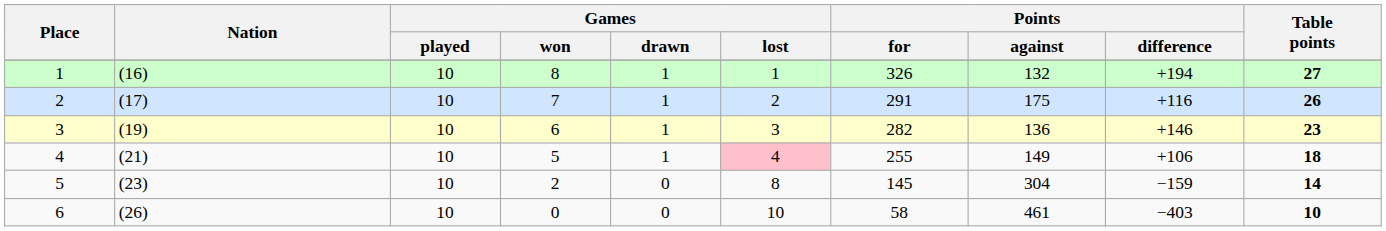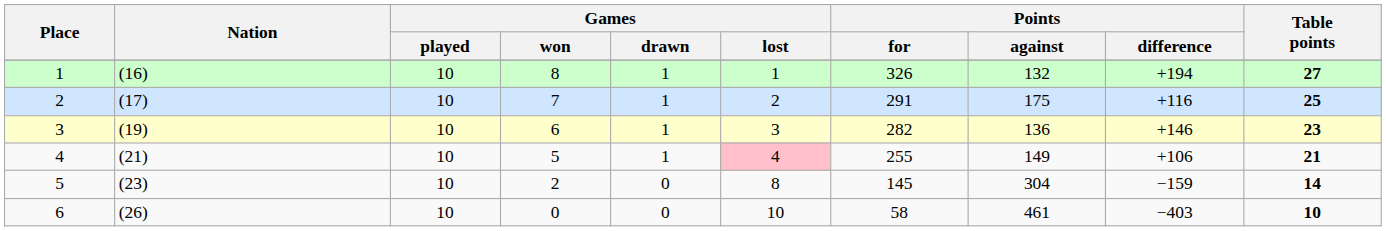 <table class="wikitable" width="100%">
 <tr>
 <th rowspan=2 width="8%">Place</th>
 <th rowspan=2 width="20%">Nation</th>
 <th colspan=4 width="32%">Games</th>
 <th colspan=3 width="30%">Points</th>
 <th rowspan=2 width="10%">Table<br>points</th>
 </tr>
 <tr>
 <th width="8%">played</th>
 <th width="8%">won</th>
 <th width="8%">drawn</th>
 <th width="8%">lost</th>
 <th width="10%">for</th>
 <th width="10%">against</th>
 <th width="10%">difference</th>
 </tr>
 <tr>
 </tr>
 <tr bgcolor="#ccffcc" align=center>
 <td>1</td>
 <td align=left> (16)</td>
 <td>10</td>
 <td>8</td>
 <td>1</td>
 <td>1</td>
 <td>326</td>
 <td>132</td>
 <td>+194</td>
 <td><strong>27</strong></td>
 </tr>
 <tr align=center |-width=10px bgcolor="#D0E6FF">
 <td>2</td>
 <td align=left> (17)</td>
 <td>10</td>
 <td>7</td>
 <td>1</td>
 <td>2</td>
 <td>291</td>
 <td>175</td>
 <td>+116</td>
-<td><strong>26</strong></td>
+<td><strong>25</strong></td>
 </tr>
 <tr align=center bgcolor="#ffffcc">
 <td>3</td>
 <td align=left> (19)</td>
 <td>10</td>
 <td>6</td>
 <td>1</td>
 <td>3</td>
 <td>282</td>
 <td>136</td>
 <td>+146</td>
 <td><strong>23</strong></td>
 </tr>
 <tr align=center>
 <td>4</td>
 <td align=left> (21)</td>
 <td>10</td>
 <td>5</td>
 <td>1</td>
 <td style="background: pink;">4</td>
 <td>255</td>
 <td>149</td>
 <td>+106</td>
-<td><strong>18</strong></td>
+<td><strong>21</strong></td>
 </tr>
 <tr align=center |-width=10px>
 <td>5</td>
 <td align=left> (23)</td>
 <td>10</td>
 <td>2</td>
 <td>0</td>
 <td>8</td>
 <td>145</td>
 <td>304</td>
 <td>−159</td>
 <td><strong>14</strong></td>
 </tr>
 <tr align=center>
 <td>6</td>
 <td align=left> (26)</td>
 <td>10</td>
 <td>0</td>
 <td>0</td>
 <td>10</td>
 <td>58</td>
 <td>461</td>
 <td>−403</td>
 <td><strong>10</strong></td>
 </tr>
 </table>
